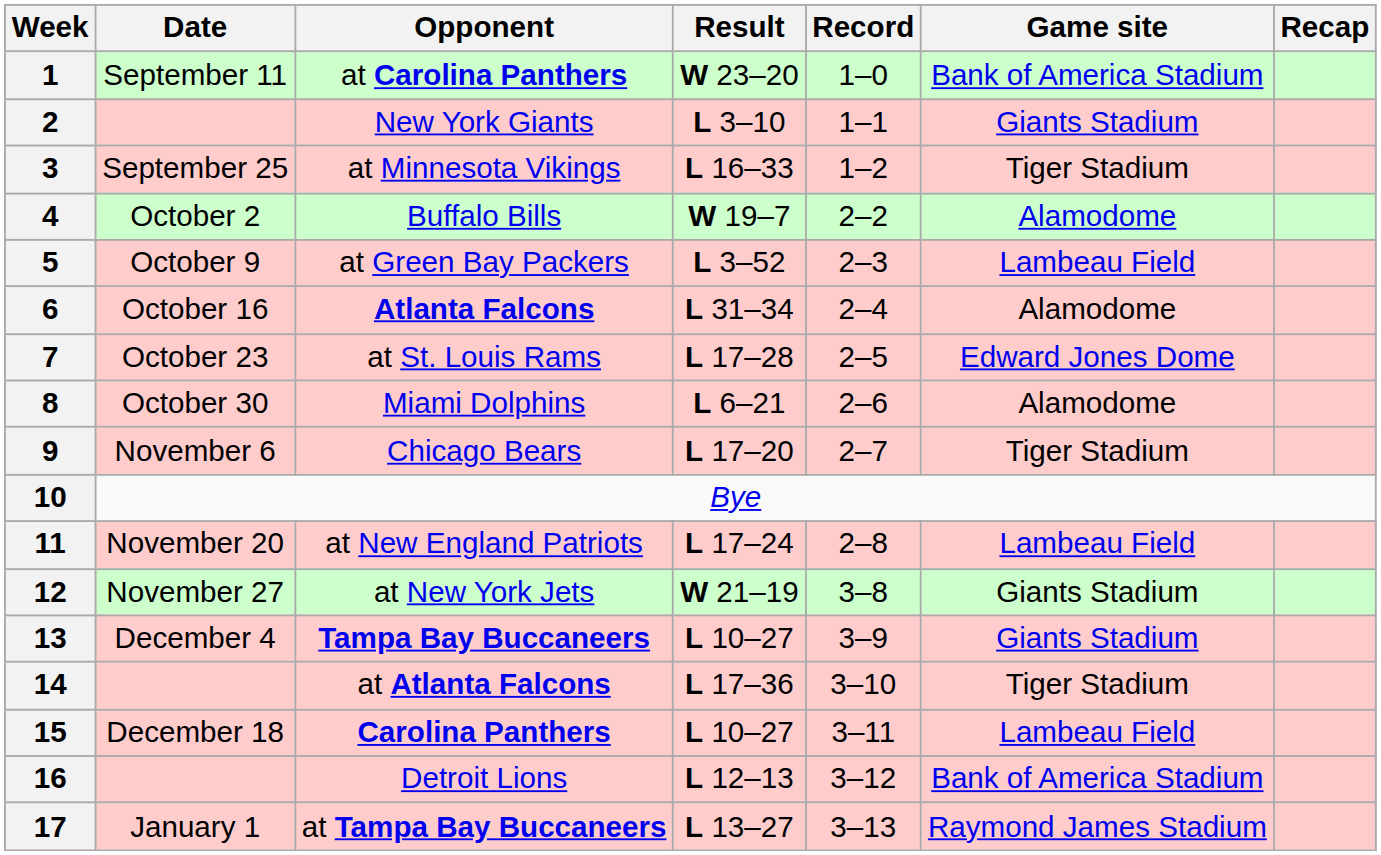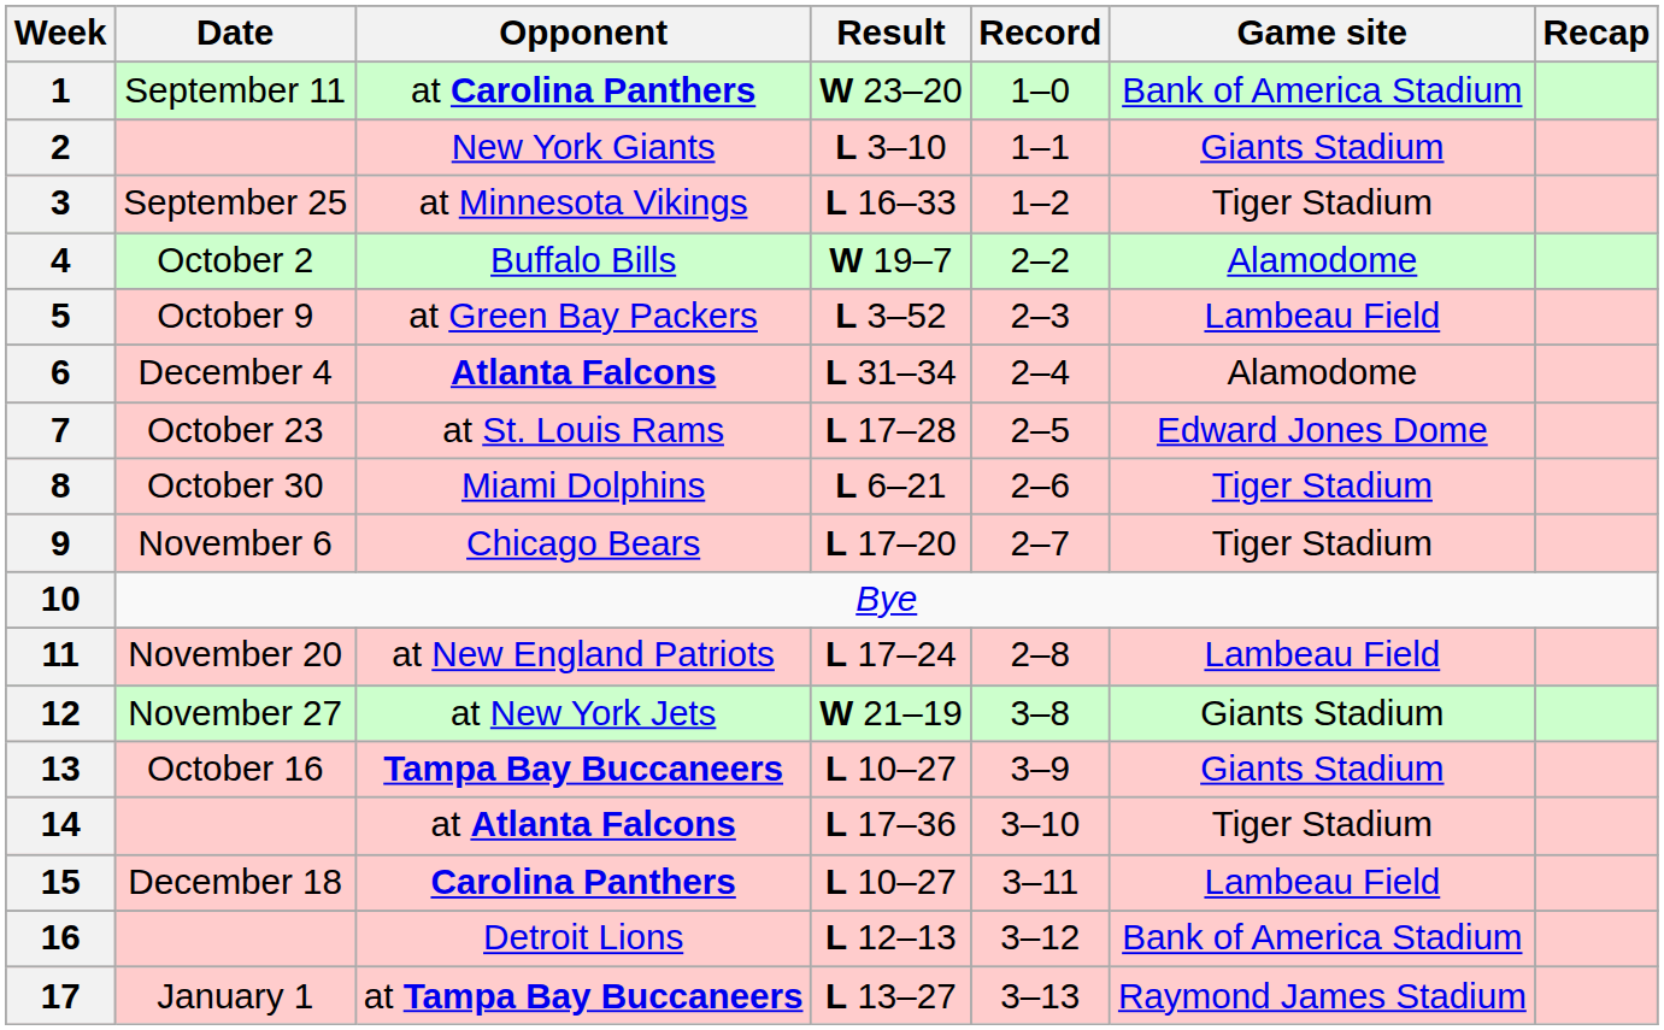 <table class="wikitable" style="text-align:center">
 <tr>
 <th>Week</th>
 <th>Date</th>
 <th>Opponent</th>
 <th>Result</th>
 <th>Record</th>
 <th>Game site</th>
 <th>Recap</th>
 </tr>
 <tr style="background:#cfc">
 <th>1</th>
 <td>September 11</td>
 <td>at <strong><a href='#'>Carolina Panthers</a></strong></td>
 <td><strong>W</strong> 23–20</td>
 <td>1–0</td>
 <td><a href='#'>Bank of America Stadium</a></td>
 <td></td>
 </tr>
 <tr style="background:#fcc">
 <th>2</th>
 <td></td>
 <td><a href='#'>New York Giants</a></td>
 <td><strong>L</strong> 3–10</td>
 <td>1–1</td>
 <td><a href='#'>Giants Stadium</a></td>
 <td></td>
 </tr>
 <tr style="background:#fcc">
 <th>3</th>
 <td>September 25</td>
 <td>at <a href='#'>Minnesota Vikings</a></td>
 <td><strong>L</strong> 16–33</td>
 <td>1–2</td>
 <td>Tiger Stadium</td>
 <td></td>
 </tr>
 <tr style="background:#cfc">
 <th>4</th>
 <td>October 2</td>
 <td><a href='#'>Buffalo Bills</a></td>
 <td><strong>W</strong> 19–7</td>
 <td>2–2</td>
 <td><a href='#'>Alamodome</a></td>
 <td></td>
 </tr>
 <tr style="background:#fcc">
 <th>5</th>
 <td>October 9</td>
 <td>at <a href='#'>Green Bay Packers</a></td>
 <td><strong>L</strong> 3–52</td>
 <td>2–3</td>
 <td><a href='#'>Lambeau Field</a></td>
 <td></td>
 </tr>
 <tr style="background:#fcc">
 <th>6</th>
-<td>October 16</td>
+<td>December 4</td>
 <td><strong><a href='#'>Atlanta Falcons</a></strong></td>
 <td><strong>L</strong> 31–34</td>
 <td>2–4</td>
 <td>Alamodome</td>
 <td></td>
 </tr>
 <tr style="background:#fcc">
 <th>7</th>
 <td>October 23</td>
 <td>at <a href='#'>St. Louis Rams</a></td>
 <td><strong>L</strong> 17–28</td>
 <td>2–5</td>
 <td><a href='#'>Edward Jones Dome</a></td>
 <td></td>
 </tr>
 <tr style="background:#fcc">
 <th>8</th>
 <td>October 30</td>
 <td><a href='#'>Miami Dolphins</a></td>
 <td><strong>L</strong> 6–21</td>
 <td>2–6</td>
-<td>Alamodome</td>
+<td><a href='#'>Tiger Stadium</a></td>
 <td></td>
 </tr>
 <tr style="background:#fcc">
 <th>9</th>
 <td>November 6</td>
 <td><a href='#'>Chicago Bears</a></td>
 <td><strong>L</strong> 17–20</td>
 <td>2–7</td>
 <td>Tiger Stadium</td>
 <td></td>
 </tr>
 <tr>
 <th>10</th>
 <td colspan=6><em><a href='#'>Bye</a></em></td>
 </tr>
 <tr style="background:#fcc">
 <th>11</th>
 <td>November 20</td>
 <td>at <a href='#'>New England Patriots</a></td>
 <td><strong>L</strong> 17–24</td>
 <td>2–8</td>
 <td><a href='#'>Lambeau Field</a></td>
 <td></td>
 </tr>
 <tr style="background:#cfc">
 <th>12</th>
 <td>November 27</td>
 <td>at <a href='#'>New York Jets</a></td>
 <td><strong>W</strong> 21–19</td>
 <td>3–8</td>
 <td>Giants Stadium</td>
 <td></td>
 </tr>
 <tr style="background:#fcc">
 <th>13</th>
-<td>December 4</td>
+<td>October 16</td>
 <td><strong><a href='#'>Tampa Bay Buccaneers</a></strong></td>
 <td><strong>L</strong> 10–27</td>
 <td>3–9</td>
 <td><a href='#'>Giants Stadium</a></td>
 <td></td>
 </tr>
 <tr style="background:#fcc">
 <th>14</th>
 <td></td>
 <td>at <strong><a href='#'>Atlanta Falcons</a></strong></td>
 <td><strong>L</strong> 17–36</td>
 <td>3–10</td>
 <td>Tiger Stadium</td>
 <td></td>
 </tr>
 <tr style="background:#fcc">
 <th>15</th>
 <td>December 18</td>
 <td><strong><a href='#'>Carolina Panthers</a></strong></td>
 <td><strong>L</strong> 10–27</td>
 <td>3–11</td>
 <td><a href='#'>Lambeau Field</a></td>
 <td></td>
 </tr>
 <tr style="background:#fcc">
 <th>16</th>
 <td></td>
 <td><a href='#'>Detroit Lions</a></td>
 <td><strong>L</strong> 12–13</td>
 <td>3–12</td>
 <td><a href='#'>Bank of America Stadium</a></td>
 <td></td>
 </tr>
 <tr style="background:#fcc">
 <th>17</th>
 <td>January 1</td>
 <td>at <strong><a href='#'>Tampa Bay Buccaneers</a></strong></td>
 <td><strong>L</strong> 13–27</td>
 <td>3–13</td>
 <td><a href='#'>Raymond James Stadium</a></td>
 <td></td>
 </tr>
 </table>
